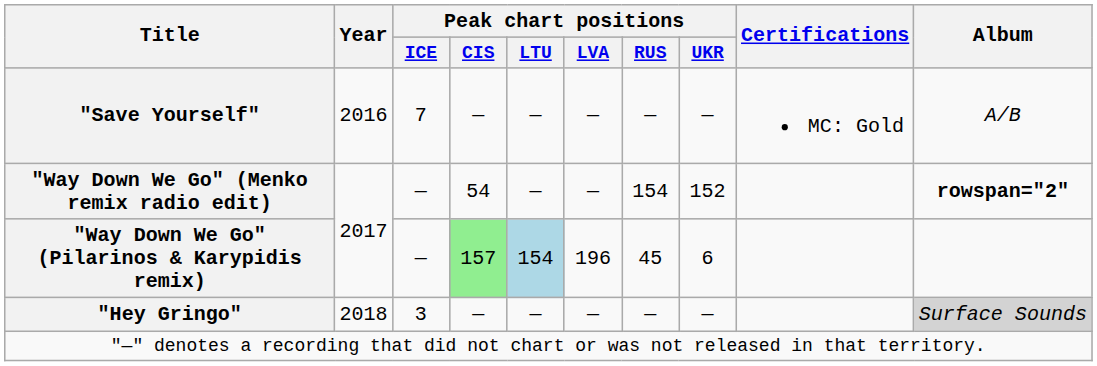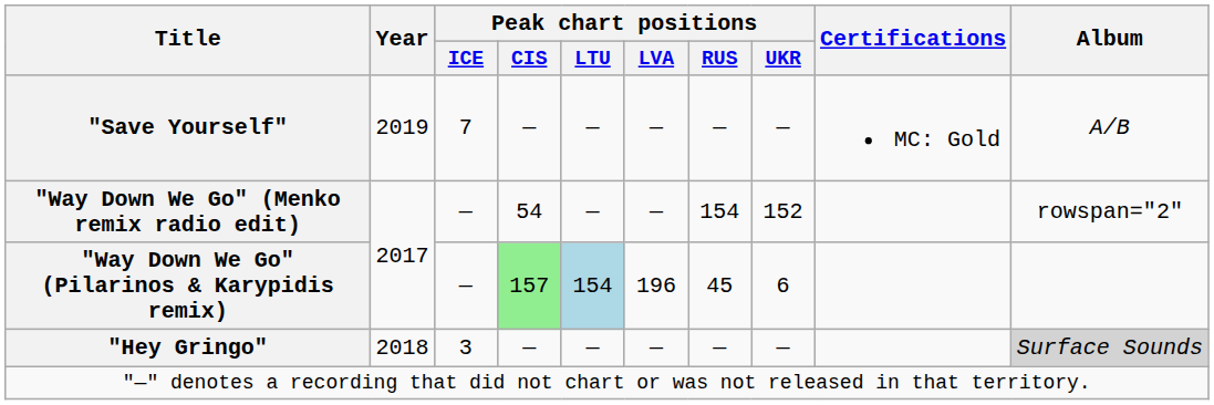 <table class="wikitable plainrowheaders" style="text-align:center;">
 <tr>
 <th scope="col" rowspan="2" style="width:16em;">Title</th>
 <th scope="col" rowspan="2">Year</th>
 <th scope="col" colspan="6">Peak chart positions</th>
 <th Scope="col" rowspan="2"><a href='#'>Certifications</a></th>
 <th scope="col" rowspan="2">Album</th>
 </tr>
 <tr>
 <th scope="col" style="width:2.7em;font-size:90%;"><a href='#'>ICE</a><br></th>
 <th scope="col" style="width:2.7em;font-size:90%;"><a href='#'>CIS</a><br></th>
 <th scope="col" style="width:2.7em;font-size:90%;"><a href='#'>LTU</a><br></th>
 <th scope="col" style="width:2.7em;font-size:90%;"><a href='#'>LVA</a><br></th>
 <th scope="col" style="width:2.7em;font-size:90%;"><a href='#'>RUS</a><br></th>
 <th scope="col" style="width:2.7em;font-size:90%;"><a href='#'>UKR</a><br></th>
 </tr>
 <tr>
 <th scope="row">"Save Yourself"</th>
-<td>2016</td>
+<td>2019</td>
 <td>7</td>
 <td>—</td>
 <td>—</td>
 <td>—</td>
 <td>—</td>
 <td>—</td>
 <td><br><ul><li>MC: Gold</li></ul></td>
 <td><em>A/B</em></td>
 </tr>
 <tr>
 <th scope="row">"Way Down We Go" (Menko remix radio edit)</th>
 <td rowspan="2">2017</td>
 <td>—</td>
 <td>54</td>
 <td>—</td>
 <td>—</td>
 <td>154</td>
 <td>152</td>
 <td></td>
-<td><strong>rowspan="2" </strong></td>
+<td>rowspan="2" </td>
 </tr>
 <tr>
 <th scope="row">"Way Down We Go" (Pilarinos & Karypidis remix)</th>
 <td>—</td>
 <td style="background: lightgreen;">157</td>
 <td style="background: lightblue;">154</td>
 <td>196</td>
 <td>45</td>
 <td>6</td>
 <td></td>
 </tr>
 <tr>
 <th scope="row">"Hey Gringo"</th>
 <td>2018</td>
 <td>3</td>
 <td>—</td>
 <td>—</td>
 <td>—</td>
 <td>—</td>
 <td>—</td>
 <td></td>
 <td style="background: lightgrey;"><em>Surface Sounds</em></td>
 </tr>
 <tr>
 <td colspan="14" style="font-size:90%">"—" denotes a recording that did not chart or was not released in that territory.</td>
 </tr>
 </table>
